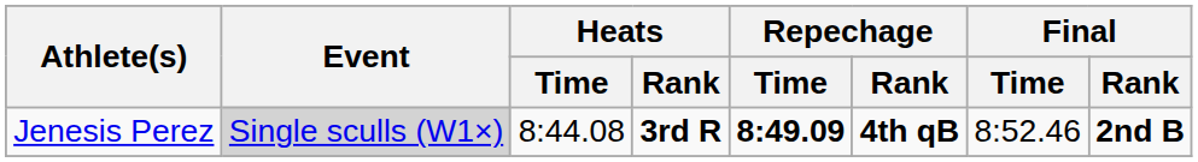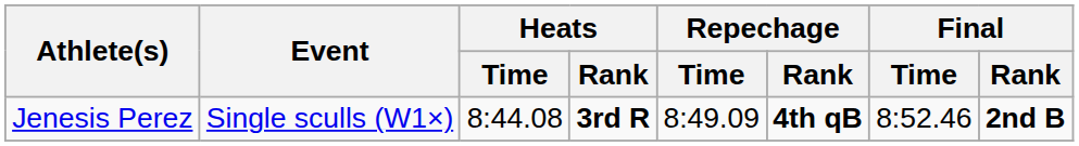 <table class="wikitable" style="font-size:90%;">
 <tr>
 <th rowspan=2>Athlete(s)</th>
 <th rowspan=2>Event</th>
 <th colspan=2>Heats</th>
 <th colspan=2>Repechage</th>
 <th colspan=2>Final</th>
 </tr>
 <tr>
 <th>Time</th>
 <th>Rank</th>
 <th>Time</th>
 <th>Rank</th>
 <th>Time</th>
 <th>Rank</th>
 </tr>
 <tr>
 <td><a href='#'>Jenesis Perez</a></td>
-<td style="background: lightgrey;"><a href='#'>Single sculls (W1×)</a></td>
+<td><a href='#'>Single sculls (W1×)</a></td>
 <td align=center>8:44.08</td>
 <td align=center><strong>3rd R</strong></td>
-<td align=center><strong>8:49.09</strong></td>
+<td align=center>8:49.09</td>
 <td align=center><strong>4th qB</strong></td>
 <td align=center>8:52.46</td>
 <td align=center><strong>2nd B</strong></td>
 </tr>
 </table>
